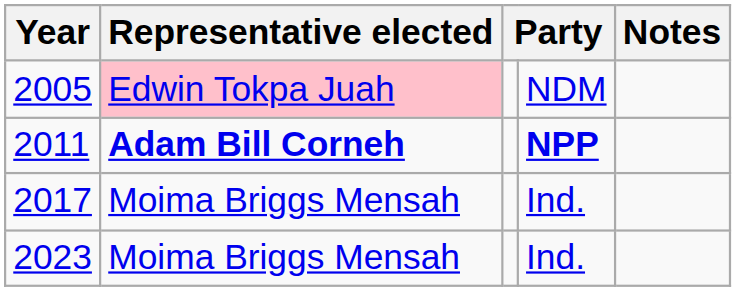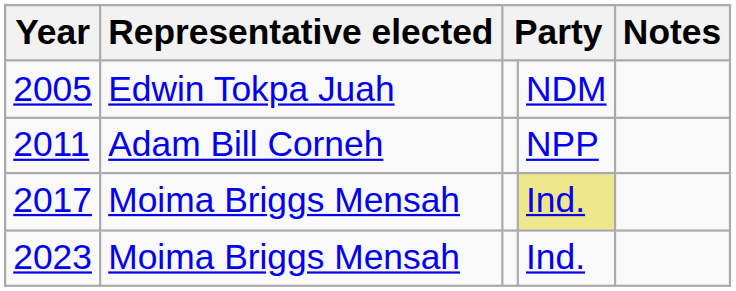 <table class="wikitable">
 <tr>
 <th>Year</th>
 <th>Representative elected</th>
 <th colspan=2>Party</th>
 <th>Notes</th>
 </tr>
 <tr>
 <td><a href='#'>2005</a></td>
-<td style="background: pink;"><a href='#'>Edwin Tokpa Juah</a></td>
+<td><a href='#'>Edwin Tokpa Juah</a></td>
 <td></td>
 <td><a href='#'>NDM</a></td>
 <td></td>
 </tr>
 <tr>
 <td><a href='#'>2011</a></td>
-<td><strong><a href='#'>Adam Bill Corneh</a></strong></td>
+<td><a href='#'>Adam Bill Corneh</a></td>
 <td></td>
-<td><strong><a href='#'>NPP</a></strong></td>
+<td><a href='#'>NPP</a></td>
 <td></td>
 </tr>
 <tr>
 <td><a href='#'>2017</a></td>
 <td><a href='#'>Moima Briggs Mensah</a></td>
 <td></td>
-<td><a href='#'>Ind.</a></td>
+<td style="background: khaki;"><a href='#'>Ind.</a></td>
 <td></td>
 </tr>
 <tr>
 <td><a href='#'>2023</a></td>
 <td><a href='#'>Moima Briggs Mensah</a></td>
 <td></td>
 <td><a href='#'>Ind.</a></td>
 <td></td>
 </tr>
 </table>
